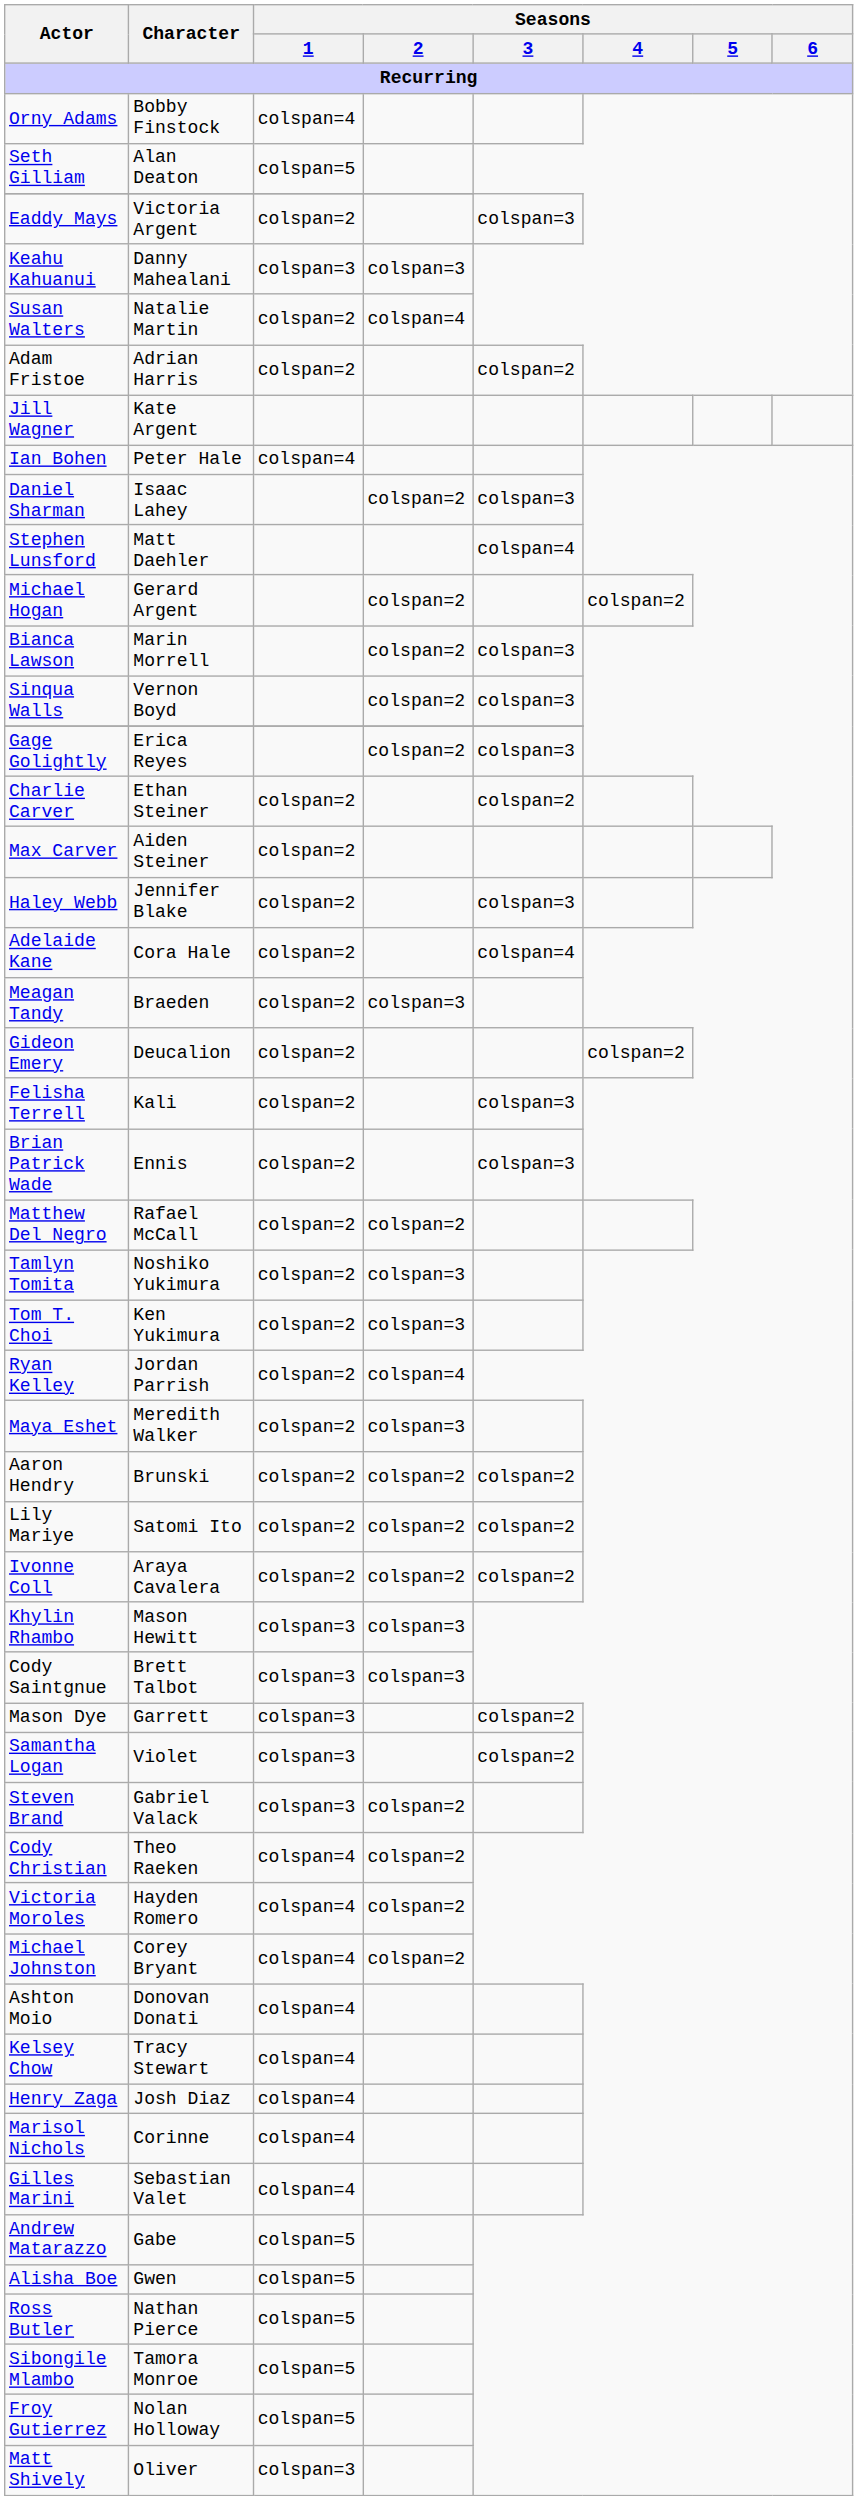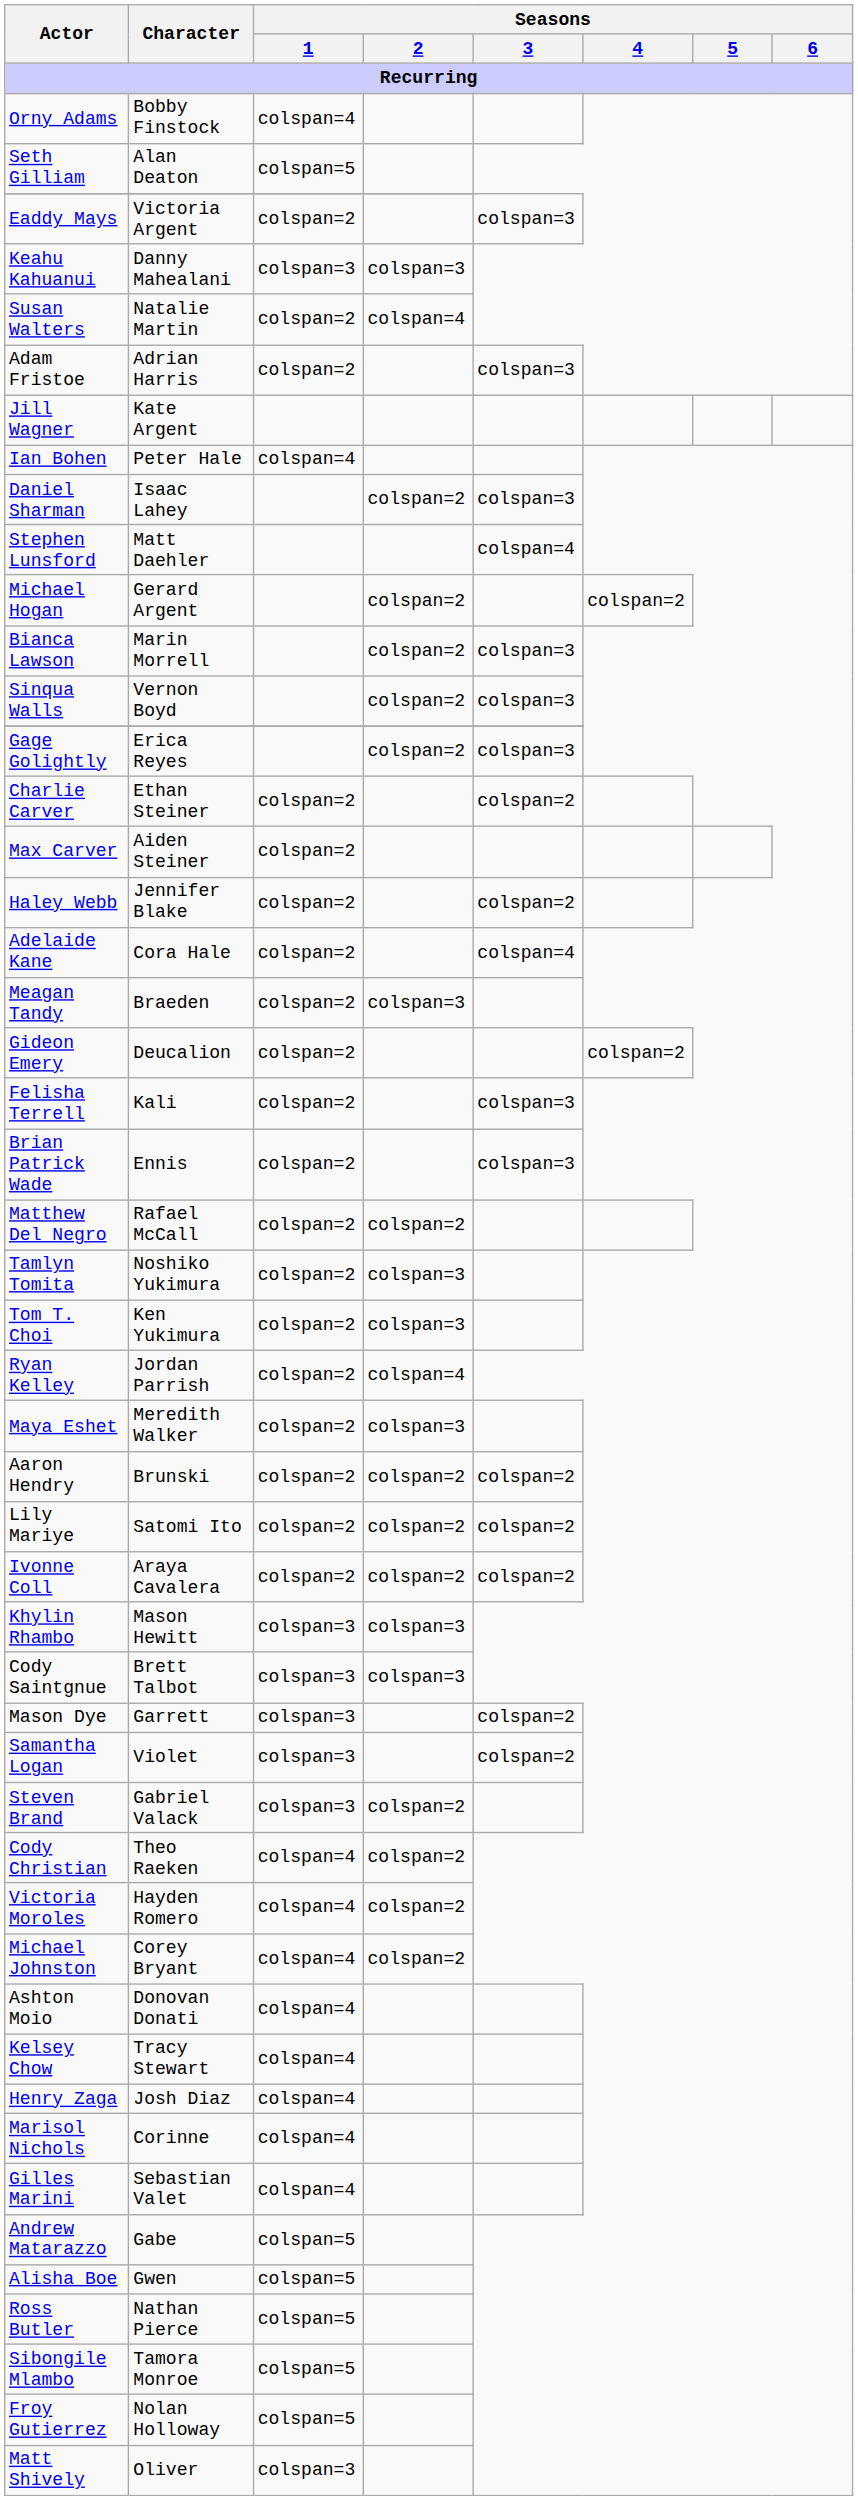 <table class="wikitable">
 <tr>
 <th rowspan="2" style="width:14%;">Actor</th>
 <th rowspan="2" style="width:14%;">Character</th>
 <th colspan="6">Seasons</th>
 </tr>
 <tr>
 <th style="width:9%;"><a href='#'>1</a></th>
 <th style="width:9%;"><a href='#'>2</a></th>
 <th style="width:9%;"><a href='#'>3</a></th>
 <th style="width:9%;"><a href='#'>4</a></th>
 <th style="width:9%;"><a href='#'>5</a></th>
 <th style="width:9%;"><a href='#'>6</a></th>
 </tr>
 <tr>
 <th colspan="8" style="background-color:#ccccff;">Recurring</th>
 </tr>
 <tr>
 <td><a href='#'>Orny Adams</a></td>
 <td>Bobby Finstock</td>
 <td>colspan=4 </td>
 <td></td>
 <td></td>
 </tr>
 <tr>
 <td><a href='#'>Seth Gilliam</a></td>
 <td>Alan Deaton</td>
 <td>colspan=5 </td>
 <td></td>
 </tr>
 <tr>
 </tr>
 <tr>
 <td><a href='#'>Eaddy Mays</a></td>
 <td>Victoria Argent</td>
 <td>colspan=2 </td>
 <td></td>
 <td>colspan=3 </td>
 </tr>
 <tr>
 <td><a href='#'>Keahu Kahuanui</a></td>
 <td>Danny Mahealani</td>
 <td>colspan=3 </td>
 <td>colspan=3 </td>
 </tr>
 <tr>
 <td><a href='#'>Susan Walters</a></td>
 <td>Natalie Martin</td>
 <td>colspan=2 </td>
 <td>colspan=4 </td>
 </tr>
 <tr>
 <td>Adam Fristoe</td>
 <td>Adrian Harris</td>
 <td>colspan=2 </td>
 <td></td>
-<td>colspan=2 </td>
+<td>colspan=3 </td>
 </tr>
 <tr>
 <td><a href='#'>Jill Wagner</a></td>
 <td>Kate Argent</td>
 <td></td>
 <td></td>
 <td></td>
 <td></td>
 <td></td>
 <td></td>
 </tr>
 <tr>
 <td><a href='#'>Ian Bohen</a></td>
 <td>Peter Hale</td>
 <td>colspan=4 </td>
 <td></td>
 <td></td>
 </tr>
 <tr>
 <td><a href='#'>Daniel Sharman</a></td>
 <td>Isaac Lahey</td>
 <td></td>
 <td>colspan=2 </td>
 <td>colspan=3 </td>
 </tr>
 <tr>
 <td><a href='#'>Stephen Lunsford</a></td>
 <td>Matt Daehler</td>
 <td></td>
 <td></td>
 <td>colspan=4 </td>
 </tr>
 <tr>
 <td><a href='#'>Michael Hogan</a></td>
 <td>Gerard Argent</td>
 <td></td>
 <td>colspan=2 </td>
 <td></td>
 <td>colspan=2 </td>
 </tr>
 <tr>
 <td><a href='#'>Bianca Lawson</a></td>
 <td>Marin Morrell</td>
 <td></td>
 <td>colspan=2 </td>
 <td>colspan=3 </td>
 </tr>
 <tr>
 <td><a href='#'>Sinqua Walls</a></td>
 <td>Vernon Boyd</td>
 <td></td>
 <td>colspan=2 </td>
 <td>colspan=3 </td>
 </tr>
 <tr>
 </tr>
 <tr>
 <td><a href='#'>Gage Golightly</a></td>
 <td>Erica Reyes</td>
 <td></td>
 <td>colspan=2 </td>
 <td>colspan=3 </td>
 </tr>
 <tr>
 <td><a href='#'>Charlie Carver</a></td>
 <td>Ethan Steiner</td>
 <td>colspan=2 </td>
 <td></td>
 <td>colspan=2 </td>
 <td></td>
 </tr>
 <tr>
 <td><a href='#'>Max Carver</a></td>
 <td>Aiden Steiner</td>
 <td>colspan=2 </td>
 <td></td>
 <td></td>
 <td></td>
 <td></td>
 </tr>
 <tr>
 <td><a href='#'>Haley Webb</a></td>
 <td>Jennifer Blake</td>
 <td>colspan=2 </td>
 <td></td>
-<td>colspan=3 </td>
+<td>colspan=2 </td>
 <td></td>
 </tr>
 <tr>
 <td><a href='#'>Adelaide Kane</a></td>
 <td>Cora Hale</td>
 <td>colspan=2 </td>
 <td></td>
 <td>colspan=4 </td>
 </tr>
 <tr>
 <td><a href='#'>Meagan Tandy</a></td>
 <td>Braeden</td>
 <td>colspan=2 </td>
 <td>colspan=3 </td>
 <td></td>
 </tr>
 <tr>
 <td><a href='#'>Gideon Emery</a></td>
 <td>Deucalion</td>
 <td>colspan=2 </td>
 <td></td>
 <td></td>
 <td>colspan=2 </td>
 </tr>
 <tr>
 <td><a href='#'>Felisha Terrell</a></td>
 <td>Kali</td>
 <td>colspan=2 </td>
 <td></td>
 <td>colspan=3 </td>
 </tr>
 <tr>
 <td><a href='#'>Brian Patrick Wade</a></td>
 <td>Ennis</td>
 <td>colspan=2 </td>
 <td></td>
 <td>colspan=3 </td>
 </tr>
 <tr>
 <td><a href='#'>Matthew Del Negro</a></td>
 <td>Rafael McCall</td>
 <td>colspan=2 </td>
 <td>colspan=2 </td>
 <td></td>
 <td></td>
 </tr>
 <tr>
 <td><a href='#'>Tamlyn Tomita</a></td>
 <td>Noshiko Yukimura</td>
 <td>colspan=2 </td>
 <td>colspan=3 </td>
 <td></td>
 </tr>
 <tr>
 <td><a href='#'>Tom T. Choi</a></td>
 <td>Ken Yukimura</td>
 <td>colspan=2 </td>
 <td>colspan=3 </td>
 <td></td>
 </tr>
 <tr>
 <td><a href='#'>Ryan Kelley</a></td>
 <td>Jordan Parrish</td>
 <td>colspan=2 </td>
 <td>colspan=4 </td>
 </tr>
 <tr>
 <td><a href='#'>Maya Eshet</a></td>
 <td>Meredith Walker</td>
 <td>colspan=2 </td>
 <td>colspan=3 </td>
 <td></td>
 </tr>
 <tr>
 <td>Aaron Hendry</td>
 <td>Brunski</td>
 <td>colspan=2 </td>
 <td>colspan=2 </td>
 <td>colspan=2 </td>
 </tr>
 <tr>
 <td>Lily Mariye</td>
 <td>Satomi Ito</td>
 <td>colspan=2 </td>
 <td>colspan=2 </td>
 <td>colspan=2 </td>
 </tr>
 <tr>
 <td><a href='#'>Ivonne Coll</a></td>
 <td>Araya Cavalera</td>
 <td>colspan=2 </td>
 <td>colspan=2 </td>
 <td>colspan=2 </td>
 </tr>
 <tr>
 <td><a href='#'>Khylin Rhambo</a></td>
 <td>Mason Hewitt</td>
 <td>colspan=3 </td>
 <td>colspan=3 </td>
 </tr>
 <tr>
 <td>Cody Saintgnue</td>
 <td>Brett Talbot</td>
 <td>colspan=3 </td>
 <td>colspan=3 </td>
 </tr>
 <tr>
 <td>Mason Dye</td>
 <td>Garrett</td>
 <td>colspan=3 </td>
 <td></td>
 <td>colspan=2 </td>
 </tr>
 <tr>
 <td><a href='#'>Samantha Logan</a></td>
 <td>Violet</td>
 <td>colspan=3 </td>
 <td></td>
 <td>colspan=2 </td>
 </tr>
 <tr>
 <td><a href='#'>Steven Brand</a></td>
 <td>Gabriel Valack</td>
 <td>colspan=3 </td>
 <td>colspan=2 </td>
 <td></td>
 </tr>
 <tr>
 <td><a href='#'>Cody Christian</a></td>
 <td>Theo Raeken</td>
 <td>colspan=4 </td>
 <td>colspan=2 </td>
 </tr>
 <tr>
 <td><a href='#'>Victoria Moroles</a></td>
 <td>Hayden Romero</td>
 <td>colspan=4 </td>
 <td>colspan=2 </td>
 </tr>
 <tr>
 <td><a href='#'>Michael Johnston</a></td>
 <td>Corey Bryant</td>
 <td>colspan=4 </td>
 <td>colspan=2 </td>
 </tr>
 <tr>
 <td>Ashton Moio</td>
 <td>Donovan Donati</td>
 <td>colspan=4 </td>
 <td></td>
 <td></td>
 </tr>
 <tr>
 <td><a href='#'>Kelsey Chow</a></td>
 <td>Tracy Stewart</td>
 <td>colspan=4 </td>
 <td></td>
 <td></td>
 </tr>
 <tr>
 <td><a href='#'>Henry Zaga</a></td>
 <td>Josh Diaz</td>
 <td>colspan=4 </td>
 <td></td>
 <td></td>
 </tr>
 <tr>
 <td><a href='#'>Marisol Nichols</a></td>
 <td>Corinne</td>
 <td>colspan=4 </td>
 <td></td>
 <td></td>
 </tr>
 <tr>
 <td><a href='#'>Gilles Marini</a></td>
 <td>Sebastian Valet</td>
 <td>colspan=4 </td>
 <td></td>
 <td></td>
 </tr>
 <tr>
 <td><a href='#'>Andrew Matarazzo</a></td>
 <td>Gabe</td>
 <td>colspan=5 </td>
 <td></td>
 </tr>
 <tr>
 <td><a href='#'>Alisha Boe</a></td>
 <td>Gwen</td>
 <td>colspan=5 </td>
 <td></td>
 </tr>
 <tr>
 <td><a href='#'>Ross Butler</a></td>
 <td>Nathan Pierce</td>
 <td>colspan=5 </td>
 <td></td>
 </tr>
 <tr>
 <td><a href='#'>Sibongile Mlambo</a></td>
 <td>Tamora Monroe</td>
 <td>colspan=5 </td>
 <td></td>
 </tr>
 <tr>
 <td><a href='#'>Froy Gutierrez</a></td>
 <td>Nolan Holloway</td>
 <td>colspan=5 </td>
 <td></td>
 </tr>
 <tr>
 <td><a href='#'>Matt Shively</a></td>
 <td>Oliver</td>
 <td>colspan=3 </td>
 <td></td>
 </tr>
 </table>
